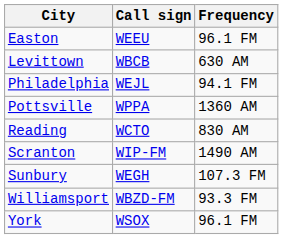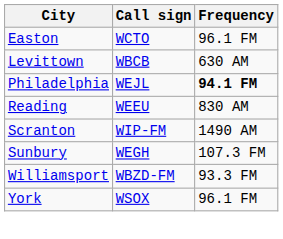 <table class="wikitable">
 <tr>
 <th scope="col">City</th>
 <th scope="col">Call sign</th>
 <th scope="col">Frequency</th>
 </tr>
 <tr>
 <td><a href='#'>Easton</a></td>
-<td><a href='#'>WEEU</a></td>
+<td><a href='#'>WCTO</a></td>
 <td>96.1 FM</td>
 </tr>
 <tr>
 <td><a href='#'>Levittown</a></td>
 <td><a href='#'>WBCB</a></td>
 <td>630 AM</td>
 </tr>
 <tr>
 <td><a href='#'>Philadelphia</a></td>
 <td><a href='#'>WEJL</a></td>
-<td>94.1 FM</td>
-</tr>
-<tr>
-<td><a href='#'>Pottsville</a></td>
-<td><a href='#'>WPPA</a></td>
-<td>1360 AM</td>
+<td><strong>94.1 FM</strong></td>
 </tr>
 <tr>
 <td><a href='#'>Reading</a></td>
-<td><a href='#'>WCTO</a></td>
+<td><a href='#'>WEEU</a></td>
 <td>830 AM</td>
 </tr>
 <tr>
 <td><a href='#'>Scranton</a></td>
 <td><a href='#'>WIP-FM</a></td>
 <td>1490 AM</td>
 </tr>
 <tr>
 <td><a href='#'>Sunbury</a></td>
 <td><a href='#'>WEGH</a></td>
 <td>107.3 FM</td>
 </tr>
 <tr>
 <td><a href='#'>Williamsport</a></td>
 <td><a href='#'>WBZD-FM</a></td>
 <td>93.3 FM</td>
 </tr>
 <tr>
 <td><a href='#'>York</a></td>
 <td><a href='#'>WSOX</a></td>
 <td>96.1 FM</td>
 </tr>
 </table>
